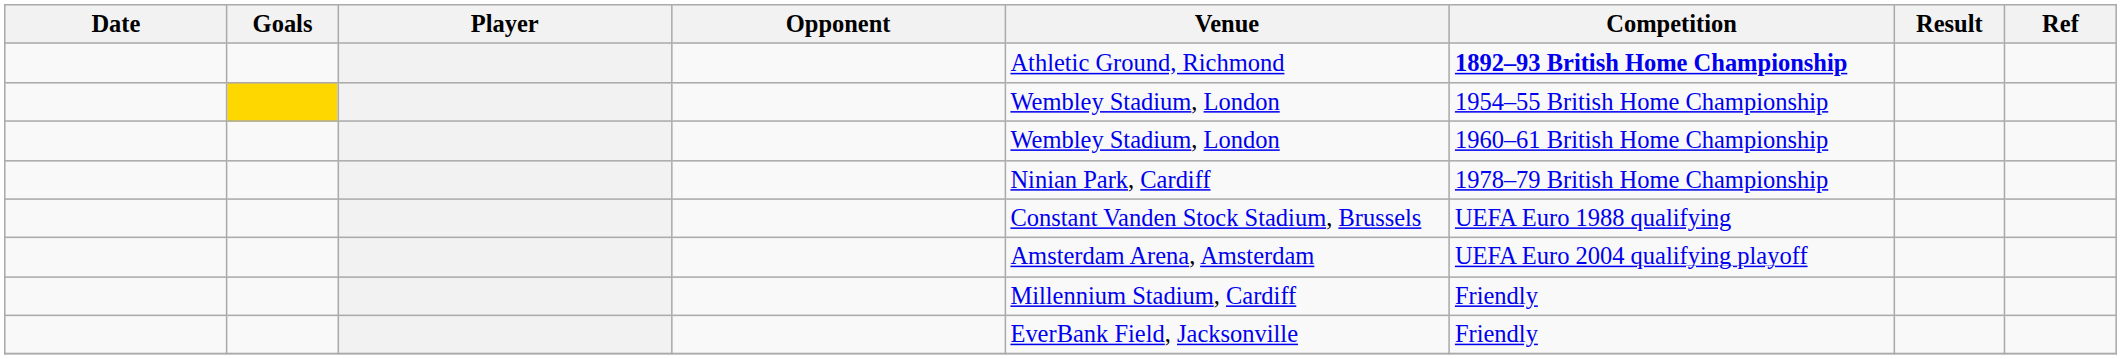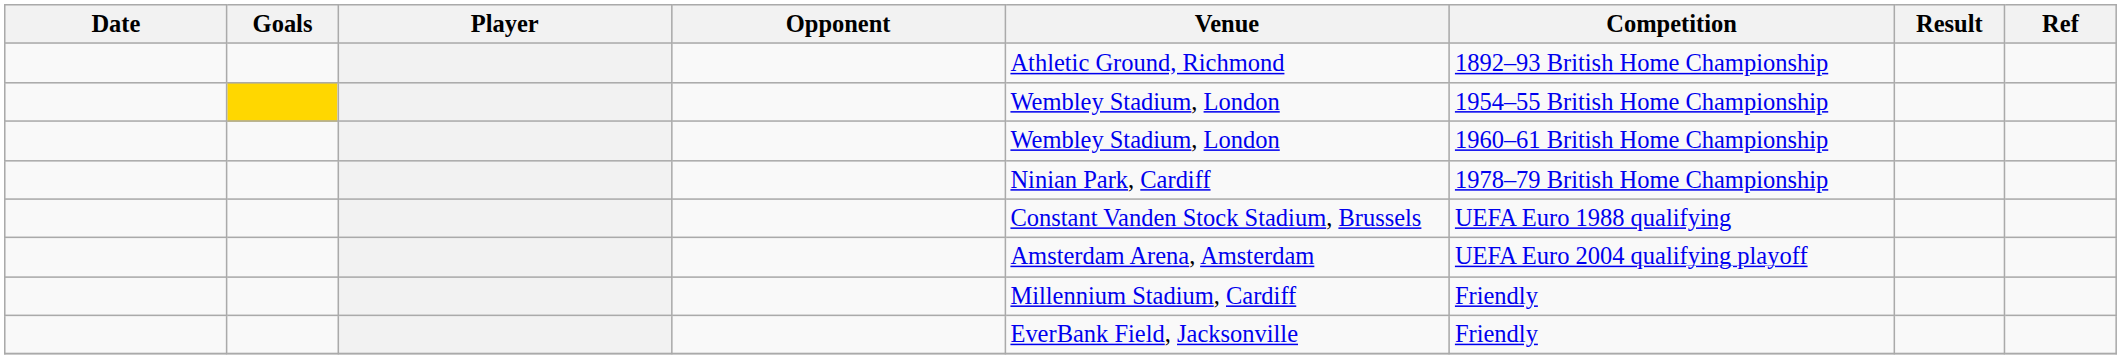 <table class="wikitable plainrowheaders sortable">
 <tr>
 <th scope="col" width="10%">Date</th>
 <th scope="col" width="5%">Goals</th>
 <th scope="col" width="15%">Player</th>
 <th scope="col" width="15%">Opponent</th>
 <th scope="col" width="20%">Venue</th>
 <th scope="col" width="20%">Competition</th>
 <th scope="col" class="align:center" width="5%">Result</th>
 <th scope="col" class="unsortable" width="5%">Ref</th>
 </tr>
 <tr>
 <td></td>
 <td></td>
 <th scope=row></th>
 <td></td>
 <td><a href='#'>Athletic Ground, Richmond</a></td>
-<td><strong><a href='#'>1892–93 British Home Championship</a></strong></td>
+<td><a href='#'>1892–93 British Home Championship</a></td>
 <td></td>
 <td></td>
 </tr>
 <tr>
 <td></td>
 <td bgcolor=gold></td>
 <th scope="row"></th>
 <td></td>
 <td><a href='#'>Wembley Stadium</a>, <a href='#'>London</a></td>
 <td><a href='#'>1954–55 British Home Championship</a></td>
 <td></td>
 <td align=center></td>
 </tr>
 <tr>
 <td></td>
 <td></td>
 <th scope="row"></th>
 <td></td>
 <td><a href='#'>Wembley Stadium</a>, <a href='#'>London</a></td>
 <td><a href='#'>1960–61 British Home Championship</a></td>
 <td></td>
 <td align=center></td>
 </tr>
 <tr>
 <td></td>
 <td></td>
 <th scope="row"></th>
 <td></td>
 <td><a href='#'>Ninian Park</a>, <a href='#'>Cardiff</a></td>
 <td><a href='#'>1978–79 British Home Championship</a></td>
 <td></td>
 <td align=center></td>
 </tr>
 <tr>
 <td></td>
 <td></td>
 <th scope="row"></th>
 <td></td>
 <td><a href='#'>Constant Vanden Stock Stadium</a>, <a href='#'>Brussels</a></td>
 <td><a href='#'>UEFA Euro 1988 qualifying</a></td>
 <td></td>
 <td align=center></td>
 </tr>
 <tr>
 <td></td>
 <td></td>
 <th scope="row"></th>
 <td></td>
 <td><a href='#'>Amsterdam Arena</a>, <a href='#'>Amsterdam</a></td>
 <td><a href='#'>UEFA Euro 2004 qualifying playoff</a></td>
 <td></td>
 <td align=center></td>
 </tr>
 <tr>
 <td></td>
 <td></td>
 <th scope="row"></th>
 <td></td>
 <td><a href='#'>Millennium Stadium</a>, <a href='#'>Cardiff</a></td>
 <td><a href='#'>Friendly</a></td>
 <td></td>
 <td align=center></td>
 </tr>
 <tr>
 <td></td>
 <td></td>
 <th scope="row"></th>
 <td></td>
 <td><a href='#'>EverBank Field</a>, <a href='#'>Jacksonville</a></td>
 <td><a href='#'>Friendly</a></td>
 <td></td>
 <td align=center></td>
 </tr>
 <tr>
 </tr>
 </table>
